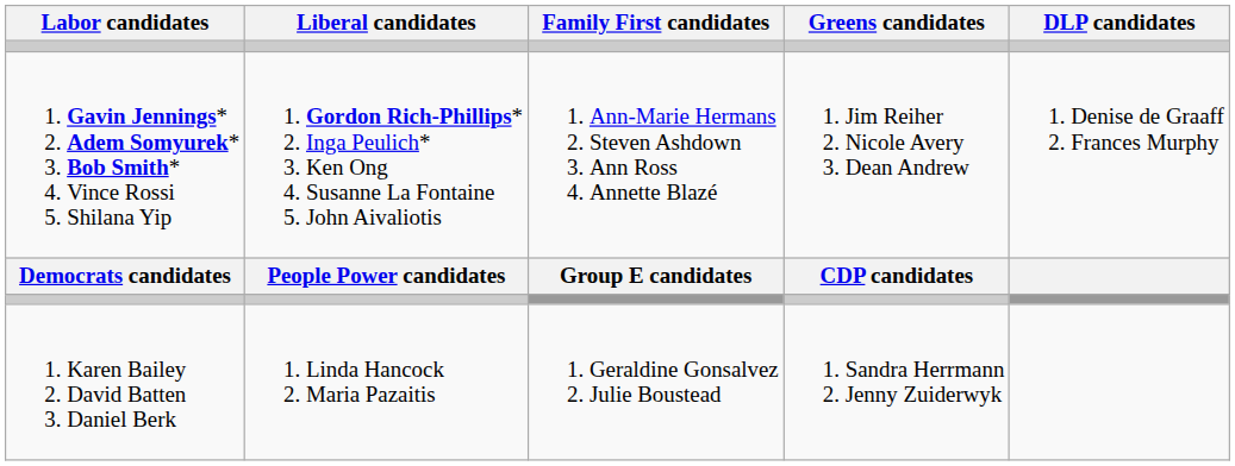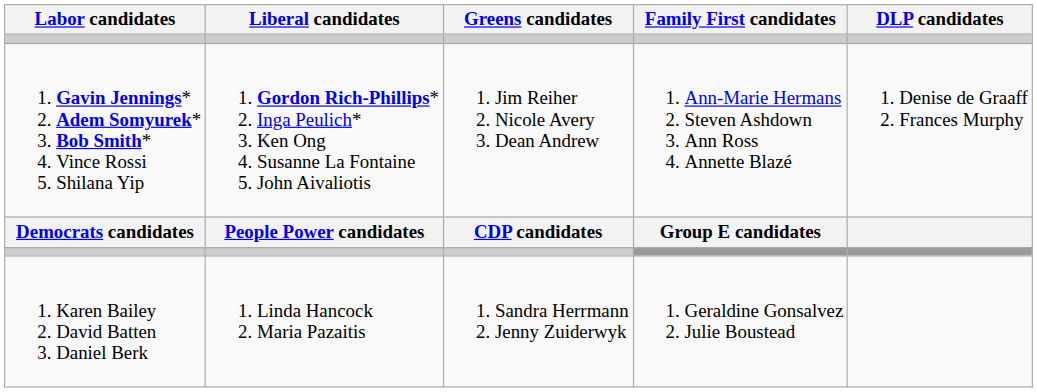 <table class="wikitable">
 <tr>
 <th><a href='#'>Labor</a> candidates</th>
 <th><a href='#'>Liberal</a> candidates</th>
+<th><a href='#'>Greens</a> candidates</th>
 <th><a href='#'>Family First</a> candidates</th>
-<th><a href='#'>Greens</a> candidates</th>
 <th><a href='#'>DLP</a> candidates</th>
 </tr>
 <tr bgcolor="#cccccc">
 <td></td>
 <td></td>
 <td></td>
 <td></td>
 <td></td>
 </tr>
 <tr>
 <td><br><ol><li><strong><a href='#'>Gavin Jennings</a></strong>*</li><li><strong><a href='#'>Adem Somyurek</a></strong>*</li><li><strong><a href='#'>Bob Smith</a></strong>*</li><li>Vince Rossi</li><li>Shilana Yip</li></ol></td>
 <td><br><ol><li><strong><a href='#'>Gordon Rich-Phillips</a></strong>*</li><li><a href='#'>Inga Peulich</a>*</li><li>Ken Ong</li><li>Susanne La Fontaine</li><li>John Aivaliotis</li></ol></td>
+<td valign=top><br><ol><li>Jim Reiher</li><li>Nicole Avery</li><li>Dean Andrew</li></ol></td>
 <td valign=top><br><ol><li><a href='#'>Ann-Marie Hermans</a></li><li>Steven Ashdown</li><li>Ann Ross</li><li>Annette Blazé</li></ol></td>
-<td valign=top><br><ol><li>Jim Reiher</li><li>Nicole Avery</li><li>Dean Andrew</li></ol></td>
 <td valign=top><br><ol><li>Denise de Graaff</li><li>Frances Murphy</li></ol></td>
 </tr>
 <tr bgcolor="#cccccc">
 <th><a href='#'>Democrats</a> candidates</th>
 <th><a href='#'>People Power</a> candidates</th>
+<th><a href='#'>CDP</a> candidates</th>
 <th>Group E candidates</th>
-<th><a href='#'>CDP</a> candidates</th>
 <th></th>
 </tr>
 <tr bgcolor="#cccccc">
 <td></td>
 <td></td>
+<td></td>
 <td bgcolor="#999999"></td>
-<td></td>
 <td bgcolor="#999999"></td>
 </tr>
 <tr>
 <td valign=top><br><ol><li>Karen Bailey</li><li>David Batten</li><li>Daniel Berk</li></ol></td>
 <td valign=top><br><ol><li>Linda Hancock</li><li>Maria Pazaitis</li></ol></td>
+<td valign=top><br><ol><li>Sandra Herrmann</li><li>Jenny Zuiderwyk</li></ol></td>
 <td valign=top><br><ol><li>Geraldine Gonsalvez</li><li>Julie Boustead</li></ol></td>
-<td valign=top><br><ol><li>Sandra Herrmann</li><li>Jenny Zuiderwyk</li></ol></td>
 <td valign=top></td>
 </tr>
 </table>
